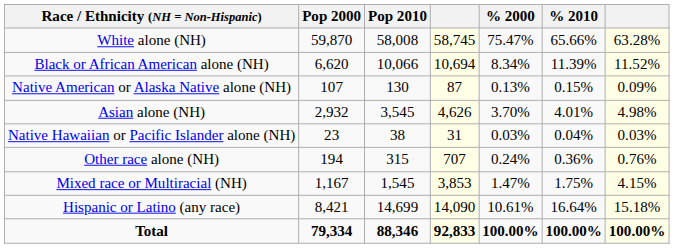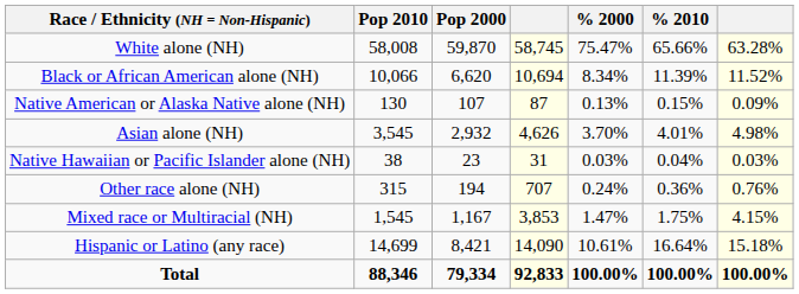 <table class="wikitable" style="text-align:center;">
 <tr>
 <th>Race / Ethnicity <small>(<em>NH = Non-Hispanic</em>)</small></th>
+<th>Pop 2010</th>
 <th>Pop 2000</th>
-<th>Pop 2010</th>
 <th></th>
 <th>% 2000</th>
 <th>% 2010</th>
 <th></th>
 </tr>
 <tr>
 <td><a href='#'>White</a> alone (NH)</td>
+<td>58,008</td>
 <td>59,870</td>
-<td>58,008</td>
 <td style='background: #ffffe6;'>58,745</td>
 <td>75.47%</td>
 <td>65.66%</td>
 <td style='background: #ffffe6;'>63.28%</td>
 </tr>
 <tr>
 <td><a href='#'>Black or African American</a> alone (NH)</td>
+<td>10,066</td>
 <td>6,620</td>
-<td>10,066</td>
 <td style='background: #ffffe6;'>10,694</td>
 <td>8.34%</td>
 <td>11.39%</td>
 <td style='background: #ffffe6;'>11.52%</td>
 </tr>
 <tr>
 <td><a href='#'>Native American</a> or <a href='#'>Alaska Native</a> alone (NH)</td>
+<td>130</td>
 <td>107</td>
-<td>130</td>
 <td style='background: #ffffe6;'>87</td>
 <td>0.13%</td>
 <td>0.15%</td>
 <td style='background: #ffffe6;'>0.09%</td>
 </tr>
 <tr>
 <td><a href='#'>Asian</a> alone (NH)</td>
+<td>3,545</td>
 <td>2,932</td>
-<td>3,545</td>
 <td style='background: #ffffe6;'>4,626</td>
 <td>3.70%</td>
 <td>4.01%</td>
 <td style='background: #ffffe6;'>4.98%</td>
 </tr>
 <tr>
 <td><a href='#'>Native Hawaiian</a> or <a href='#'>Pacific Islander</a> alone (NH)</td>
+<td>38</td>
 <td>23</td>
-<td>38</td>
 <td style='background: #ffffe6;'>31</td>
 <td>0.03%</td>
 <td>0.04%</td>
 <td style='background: #ffffe6;'>0.03%</td>
 </tr>
 <tr>
 <td><a href='#'>Other race</a> alone (NH)</td>
+<td>315</td>
 <td>194</td>
-<td>315</td>
 <td style='background: #ffffe6;'>707</td>
 <td>0.24%</td>
 <td>0.36%</td>
 <td style='background: #ffffe6;'>0.76%</td>
 </tr>
 <tr>
 <td><a href='#'>Mixed race or Multiracial</a> (NH)</td>
+<td>1,545</td>
 <td>1,167</td>
-<td>1,545</td>
 <td style='background: #ffffe6;'>3,853</td>
 <td>1.47%</td>
 <td>1.75%</td>
 <td style='background: #ffffe6;'>4.15%</td>
 </tr>
 <tr>
 <td><a href='#'>Hispanic or Latino</a> (any race)</td>
+<td>14,699</td>
 <td>8,421</td>
-<td>14,699</td>
 <td style='background: #ffffe6;'>14,090</td>
 <td>10.61%</td>
 <td>16.64%</td>
 <td style='background: #ffffe6;'>15.18%</td>
 </tr>
 <tr>
 <td><strong>Total</strong></td>
+<td><strong>88,346</strong></td>
 <td><strong>79,334</strong></td>
-<td><strong>88,346</strong></td>
 <td style='background: #ffffe6;'><strong>92,833</strong></td>
 <td><strong>100.00%</strong></td>
 <td><strong>100.00%</strong></td>
 <td style='background: #ffffe6;'><strong>100.00%</strong></td>
 </tr>
 </table>
